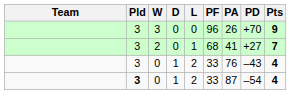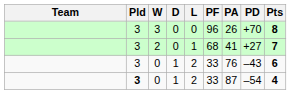 <table class="wikitable" style="text-align:center;">
 <tr>
 <th width=175>Team</th>
 <th width=20 abbr="Played">Pld</th>
 <th width=20 abbr="Won">W</th>
 <th width=20 abbr="Drawn">D</th>
 <th width=20 abbr="Lost">L</th>
 <th width=20 abbr="Points for">PF</th>
 <th width=20 abbr="Points against">PA</th>
 <th width=25 abbr="Points difference">PD</th>
 <th width=20 abbr="Points">Pts</th>
 </tr>
 <tr bgcolor=ccffcc>
 <td style="text-align:left;"></td>
 <td>3</td>
 <td>3</td>
 <td>0</td>
 <td>0</td>
 <td>96</td>
 <td>26</td>
 <td>+70</td>
-<td><strong>9</strong></td>
+<td><strong>8</strong></td>
 </tr>
 <tr bgcolor=ccffcc>
 <td style="text-align:left;"></td>
 <td>3</td>
 <td>2</td>
 <td>0</td>
 <td>1</td>
 <td>68</td>
 <td>41</td>
 <td>+27</td>
 <td><strong>7</strong></td>
 </tr>
 <tr>
 <td style="text-align:left;"></td>
 <td>3</td>
 <td>0</td>
 <td>1</td>
 <td>2</td>
 <td>33</td>
 <td>76</td>
 <td>–43</td>
-<td><strong>4</strong></td>
+<td><strong>6</strong></td>
 </tr>
 <tr>
 <td style="text-align:left;"></td>
 <td><strong>3</strong></td>
 <td>0</td>
 <td>1</td>
 <td>2</td>
 <td>33</td>
 <td>87</td>
 <td>–54</td>
 <td><strong>4</strong></td>
 </tr>
 </table>
